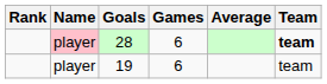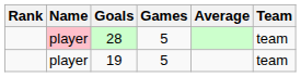 <table class="wikitable sortable"  style="text-align:center">
 <tr>
 <th>Rank</th>
 <th>Name</th>
 <th>Goals</th>
 <th>Games</th>
 <th>Average</th>
 <th>Team</th>
 </tr>
 <tr>
 <td></td>
 <td align="left" style="background: pink;">player</td>
 <td bgcolor=#ccffcc>28</td>
-<td>6</td>
+<td>5</td>
 <td bgcolor=#ccffcc></td>
-<td align="left"><strong>team</strong></td>
+<td align="left">team</td>
 </tr>
 <tr>
 <td rowspan="2"></td>
 <td align="left">player</td>
 <td rowspan="2">19</td>
-<td>6</td>
+<td>5</td>
 <td></td>
 <td align="left">team</td>
 </tr>
 </table>
